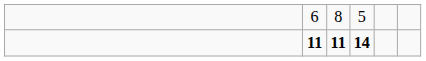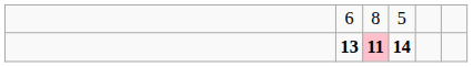 <table class="wikitable">
 <tr>
 <td style="width:18em"></td>
 <td align=center style="width:1em">6</td>
 <td align=center style="width:1em">8</td>
 <td align=center style="width:1em">5</td>
 <td align=center style="width:1em"></td>
 <td align=center style="width:1em"></td>
 </tr>
 <tr>
 <td style="width:18em"></td>
-<td align=center style="width:1em"><strong>11</strong></td>
-<td align=center style="width:1em"><strong>11</strong></td>
+<td align=center style="width:1em"><strong>13</strong></td>
+<td align=center style="background: pink; width:1em"><strong>11</strong></td>
 <td align=center style="width:1em"><strong>14</strong></td>
 <td align=center style="width:1em"></td>
 <td align=center style="width:1em"></td>
 </tr>
 </table>
